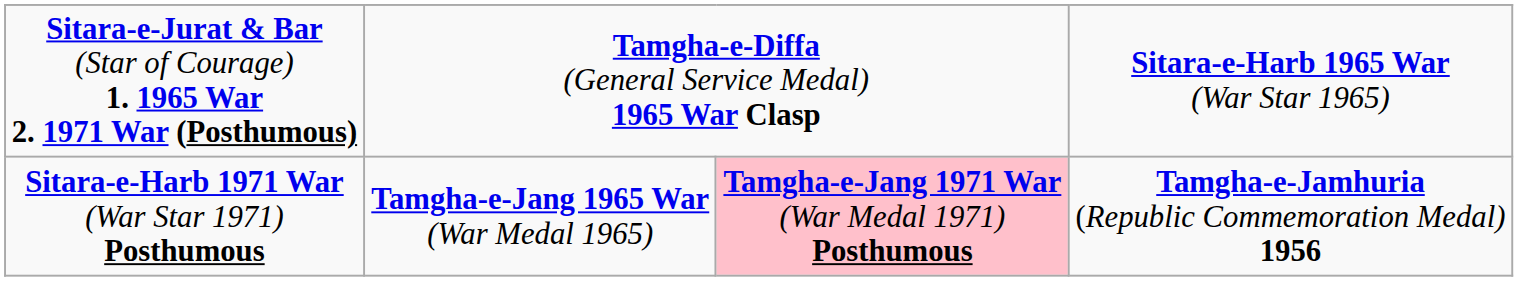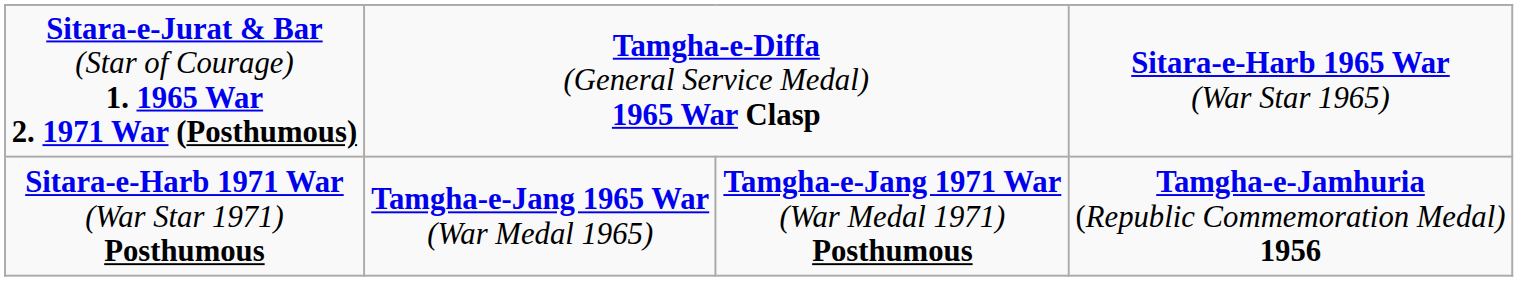 <table class="wikitable" style="margin:1em auto; text-align:center;">
 <tr>
 <td><strong><a href='#'>Sitara-e-Jurat & Bar</a></strong><br><em>(Star of Courage)</em><br><strong>1. <a href='#'>1965 War</a></strong><br><strong>2. <a href='#'>1971 War</a> (<u>Posthumous)</u></strong></td>
 <td colspan="2"><strong><a href='#'>Tamgha-e-Diffa</a></strong><br><em>(General Service Medal)</em><br><strong><a href='#'>1965 War</a> Clasp</strong></td>
 <td><strong><a href='#'>Sitara-e-Harb 1965 War</a></strong><br><em>(War Star 1965)</em></td>
 </tr>
 <tr>
 <td><strong><a href='#'>Sitara-e-Harb 1971 War</a></strong><br><em>(War Star 1971)</em><br><strong><u>Posthumous</u></strong></td>
 <td><strong><a href='#'>Tamgha-e-Jang 1965 War</a></strong><br><em>(War Medal 1965)</em></td>
-<td style="background: pink;"><strong><a href='#'>Tamgha-e-Jang 1971 War</a></strong><br><em>(War Medal 1971)</em><br><strong><u>Posthumous</u></strong></td>
+<td><strong><a href='#'>Tamgha-e-Jang 1971 War</a></strong><br><em>(War Medal 1971)</em><br><strong><u>Posthumous</u></strong></td>
 <td><strong><a href='#'>Tamgha-e-Jamhuria</a></strong><br>(<em>Republic Commemoration Medal)</em><br><strong>1956</strong></td>
 </tr>
 </table>
